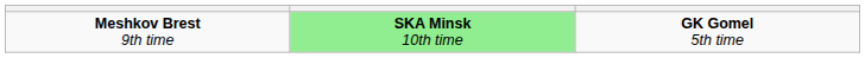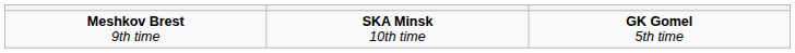 <table class="wikitable" style="text-align: center;">
 <tr>
 <th width="300"></th>
 <th width="300"></th>
 <th width="300"></th>
 </tr>
 <tr>
 <td><strong>Meshkov Brest</strong><br><em>9th time</em></td>
-<td style="background: lightgreen;"><strong>SKA Minsk</strong><br><em>10th time</em></td>
+<td><strong>SKA Minsk</strong><br><em>10th time</em></td>
 <td><strong>GK Gomel</strong><br><em>5th time</em></td>
 </tr>
 </table>
